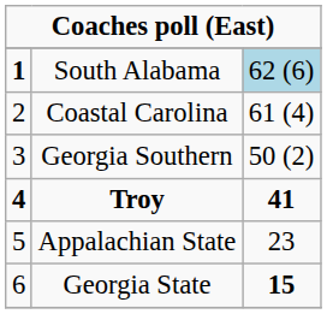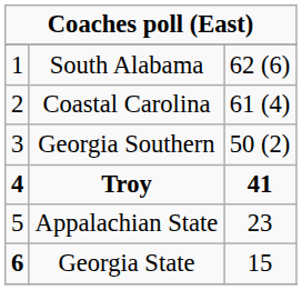 <table class="wikitable">
 <tr align="center">
 <td align="center" Colspan="3"><strong>Coaches poll (East)</strong></td>
 </tr>
 <tr align="center">
 </tr>
 <tr align="center">
-<td><strong>1</strong></td>
+<td>1</td>
 <td>South Alabama</td>
-<td style="background: lightblue;">62 (6)</td>
+<td>62 (6)</td>
 </tr>
 <tr align="center">
 <td>2</td>
 <td>Coastal Carolina</td>
 <td>61 (4)</td>
 </tr>
 <tr align="center">
 <td>3</td>
 <td>Georgia Southern</td>
 <td>50 (2)</td>
 </tr>
 <tr align="center">
 <td><strong>4</strong></td>
 <td><strong>Troy</strong></td>
 <td><strong>41</strong></td>
 </tr>
 <tr align="center">
 <td>5</td>
 <td>Appalachian State</td>
 <td>23</td>
 </tr>
 <tr align="center">
-<td>6</td>
+<td><strong>6</strong></td>
 <td>Georgia State</td>
-<td><strong>15</strong></td>
+<td>15</td>
 </tr>
 <tr align="center">
 </tr>
 </table>
